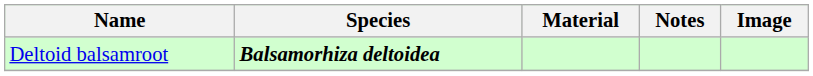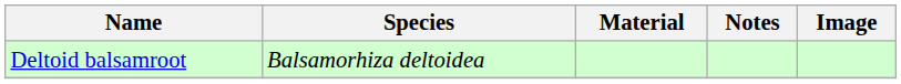 <table class="wikitable" align="center" width="100%" style="background:#D1FFCF;">
 <tr>
 <th>Name</th>
 <th>Species</th>
 <th>Material</th>
 <th>Notes</th>
 <th>Image</th>
 </tr>
 <tr>
 <td><a href='#'>Deltoid balsamroot</a></td>
-<td><strong><em>Balsamorhiza deltoidea</em></strong></td>
+<td><em>Balsamorhiza deltoidea</em></td>
 <td></td>
 <td></td>
 <td></td>
 </tr>
 <tr>
 </tr>
 </table>
